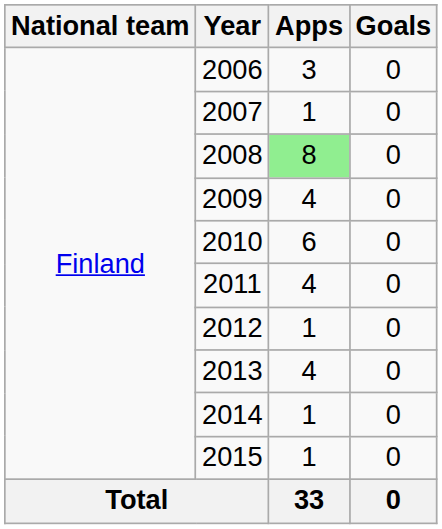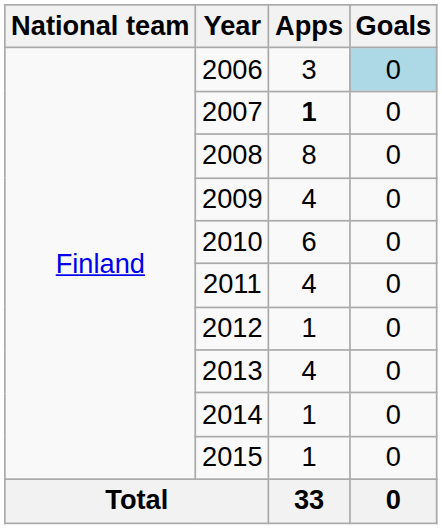 <table class="wikitable" style="text-align:center">
 <tr>
 <th>National team</th>
 <th>Year</th>
 <th>Apps</th>
 <th>Goals</th>
 </tr>
 <tr>
 <td rowspan="10"><a href='#'>Finland</a></td>
 <td>2006</td>
 <td>3</td>
-<td>0</td>
+<td style="background: lightblue;">0</td>
 </tr>
 <tr>
 <td>2007</td>
-<td>1</td>
+<td><strong>1</strong></td>
 <td>0</td>
 </tr>
 <tr>
 <td>2008</td>
-<td style="background: lightgreen;">8</td>
+<td>8</td>
 <td>0</td>
 </tr>
 <tr>
 <td>2009</td>
 <td>4</td>
 <td>0</td>
 </tr>
 <tr>
 <td>2010</td>
 <td>6</td>
 <td>0</td>
 </tr>
 <tr>
 <td>2011</td>
 <td>4</td>
 <td>0</td>
 </tr>
 <tr>
 <td>2012</td>
 <td>1</td>
 <td>0</td>
 </tr>
 <tr>
 <td>2013</td>
 <td>4</td>
 <td>0</td>
 </tr>
 <tr>
 <td>2014</td>
 <td>1</td>
 <td>0</td>
 </tr>
 <tr>
 <td>2015</td>
 <td>1</td>
 <td>0</td>
 </tr>
 <tr>
 <th colspan="2">Total</th>
 <th>33</th>
 <th>0</th>
 </tr>
 </table>
